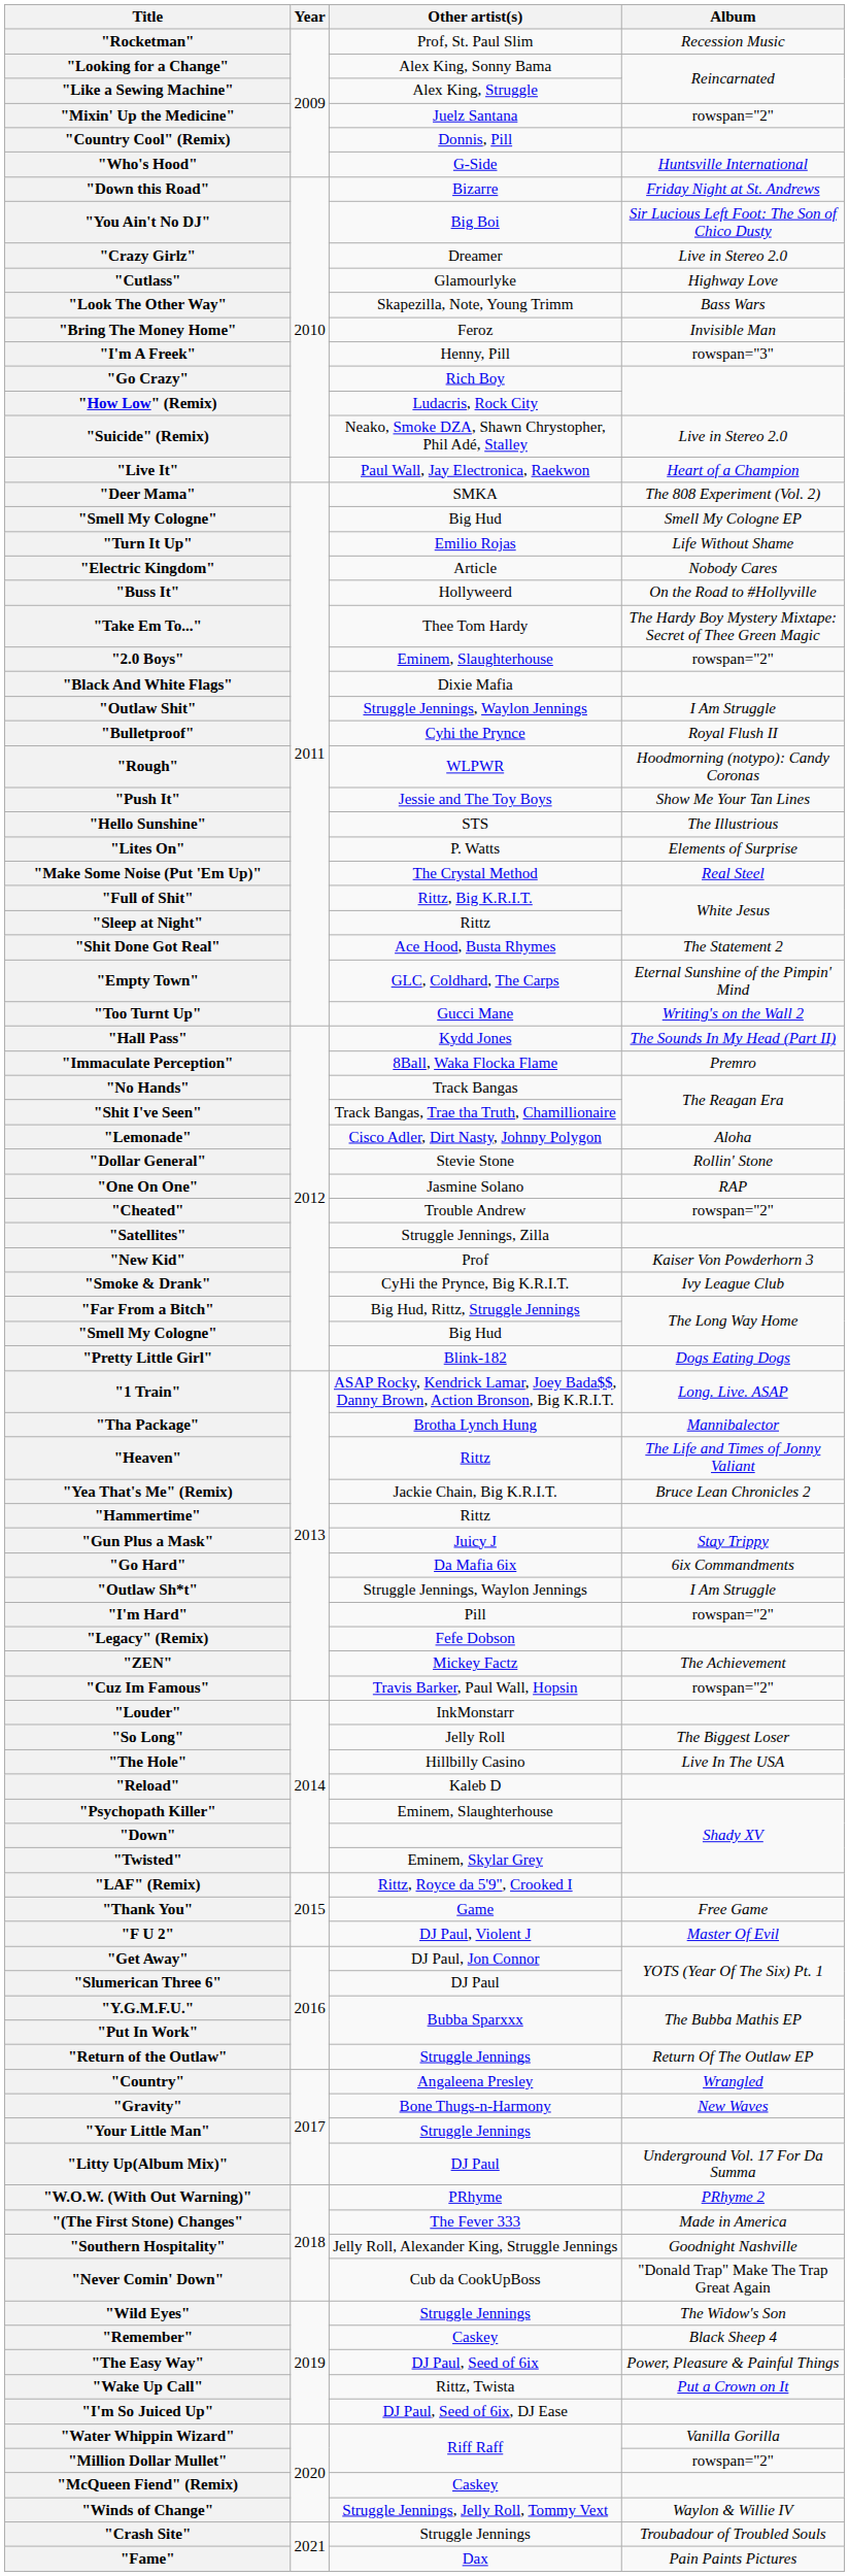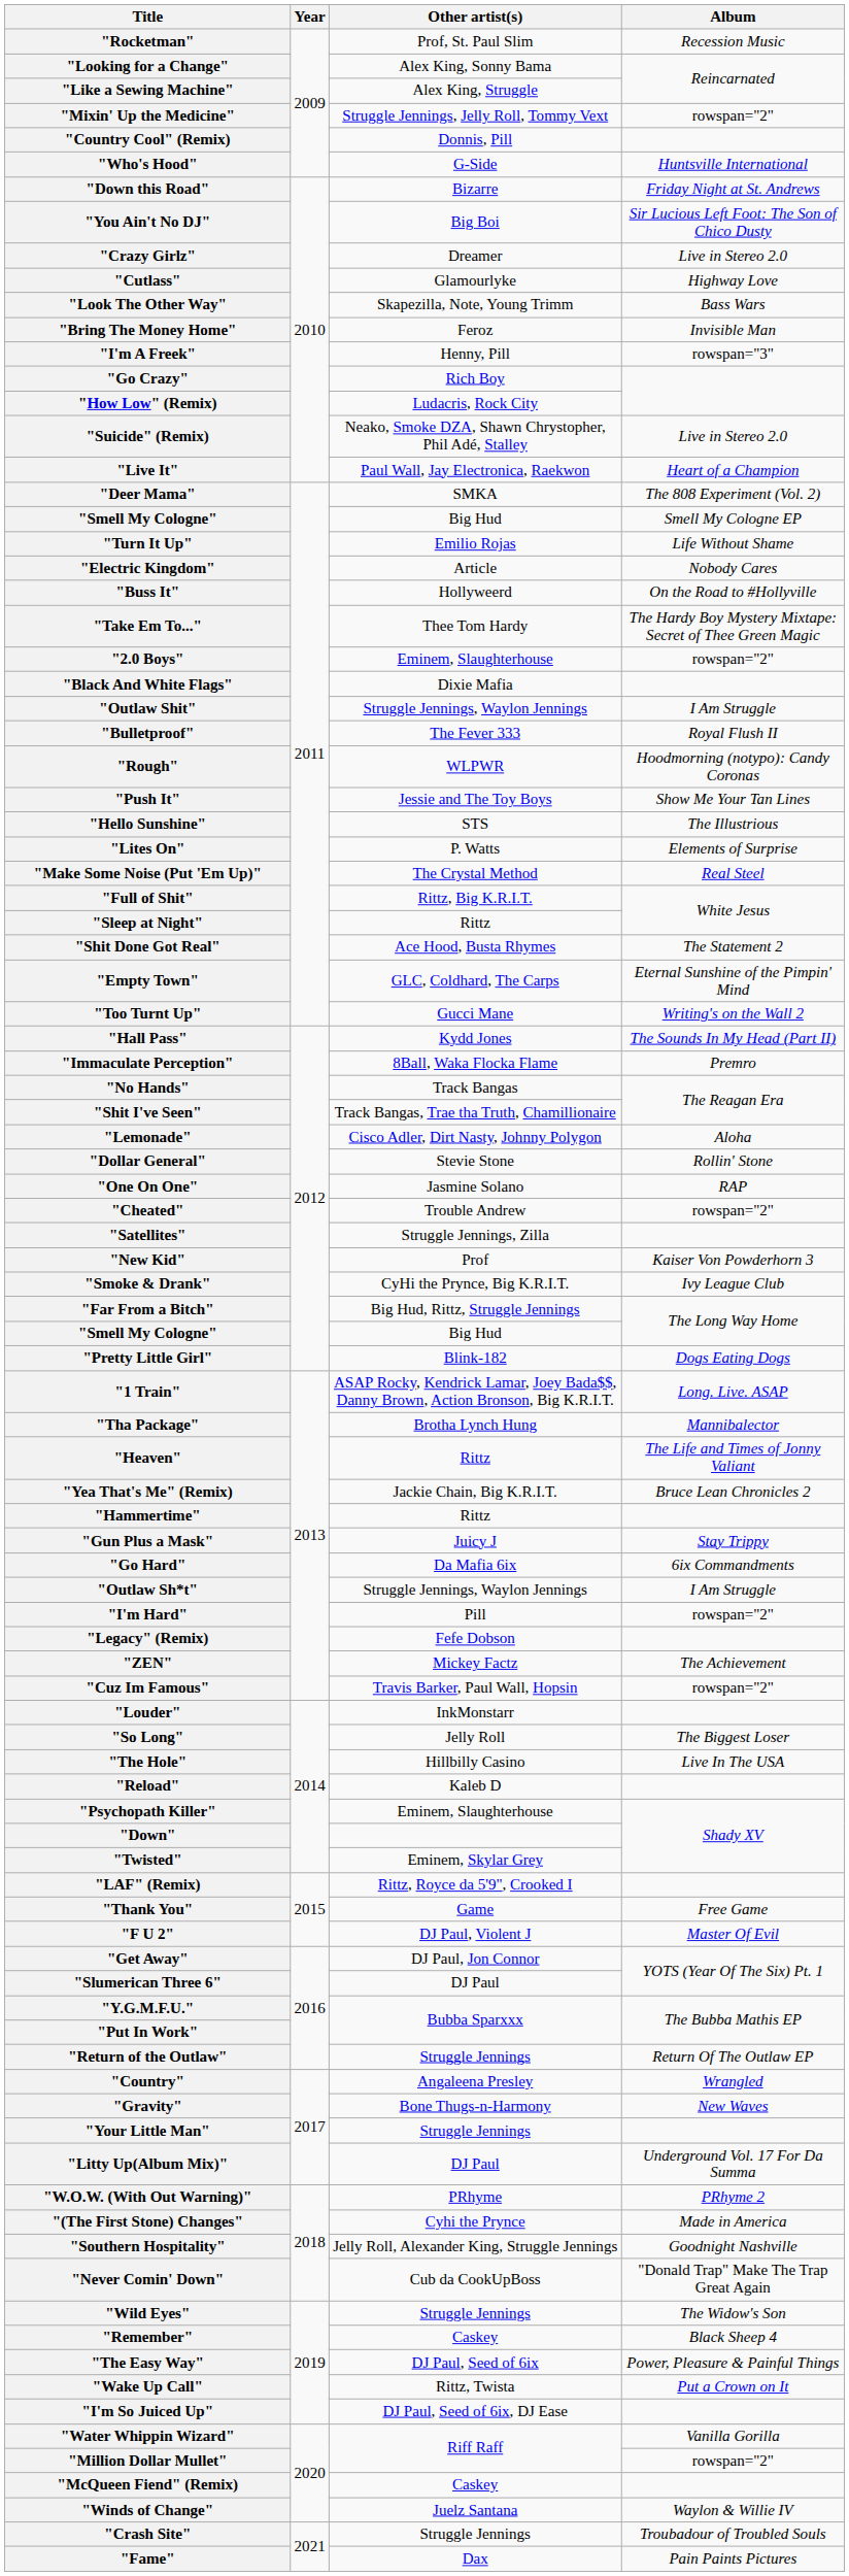 <table class="wikitable plainrowheaders" style="text-align:center;">
 <tr>
 <th scope="col" style="width:18em;">Title</th>
 <th scope="col">Year</th>
 <th scope="col">Other artist(s)</th>
 <th scope="col">Album</th>
 </tr>
 <tr>
 <th scope="row">"Rocketman"</th>
 <td rowspan="6">2009</td>
 <td>Prof, St. Paul Slim</td>
 <td><em>Recession Music</em></td>
 </tr>
 <tr>
 <th scope="row">"Looking for a Change"</th>
 <td>Alex King, Sonny Bama</td>
 <td rowspan="2"><em>Reincarnated</em></td>
 </tr>
 <tr>
 <th scope="row">"Like a Sewing Machine"</th>
 <td>Alex King, <a href='#'>Struggle</a></td>
 </tr>
 <tr>
 <th scope="row">"Mixin' Up the Medicine"</th>
-<td><a href='#'>Juelz Santana</a></td>
+<td><a href='#'>Struggle Jennings</a>, <a href='#'>Jelly Roll</a>, <a href='#'>Tommy Vext</a></td>
 <td>rowspan="2" </td>
 </tr>
 <tr>
 <th scope="row">"Country Cool" (Remix)</th>
 <td><a href='#'>Donnis</a>, <a href='#'>Pill</a></td>
 </tr>
 <tr>
 <th scope="row">"Who's Hood"</th>
 <td><a href='#'>G-Side</a></td>
 <td><em><a href='#'>Huntsville International</a></em></td>
 </tr>
 <tr>
 <th scope="row">"Down this Road"</th>
 <td rowspan="11">2010</td>
 <td><a href='#'>Bizarre</a></td>
 <td><em><a href='#'>Friday Night at St. Andrews</a></em></td>
 </tr>
 <tr>
 <th scope="row">"You Ain't No DJ"</th>
 <td><a href='#'>Big Boi</a></td>
 <td><em><a href='#'>Sir Lucious Left Foot: The Son of Chico Dusty</a></em></td>
 </tr>
 <tr>
 <th scope="row">"Crazy Girlz"</th>
 <td>Dreamer</td>
 <td><em>Live in Stereo 2.0</em></td>
 </tr>
 <tr>
 <th scope="row">"Cutlass"</th>
 <td>Glamourlyke</td>
 <td><em>Highway Love</em></td>
 </tr>
 <tr>
 <th scope="row">"Look The Other Way"</th>
 <td>Skapezilla, Note, Young Trimm</td>
 <td><em>Bass Wars</em></td>
 </tr>
 <tr>
 <th scope="row">"Bring The Money Home"</th>
 <td>Feroz</td>
 <td><em>Invisible Man</em></td>
 </tr>
 <tr>
 <th scope="row">"I'm A Freek"</th>
 <td>Henny, Pill</td>
 <td>rowspan="3" </td>
 </tr>
 <tr>
 <th scope="row">"Go Crazy"</th>
 <td><a href='#'>Rich Boy</a></td>
 </tr>
 <tr>
 <th scope="row">"<a href='#'>How Low</a>" (Remix)</th>
 <td><a href='#'>Ludacris</a>, <a href='#'>Rock City</a></td>
 </tr>
 <tr>
 <th scope="row">"Suicide" (Remix)</th>
 <td>Neako, <a href='#'>Smoke DZA</a>, Shawn Chrystopher, Phil Adé, <a href='#'>Stalley</a></td>
 <td><em>Live in Stereo 2.0</em></td>
 </tr>
 <tr>
 <th scope="row">"Live It"</th>
 <td><a href='#'>Paul Wall</a>, <a href='#'>Jay Electronica</a>, <a href='#'>Raekwon</a></td>
 <td><em><a href='#'>Heart of a Champion</a></em></td>
 </tr>
 <tr>
 <th scope="row">"Deer Mama"</th>
 <td rowspan="20">2011</td>
 <td>SMKA</td>
 <td><em>The 808 Experiment (Vol. 2)</em></td>
 </tr>
 <tr>
 <th scope="row">"Smell My Cologne"</th>
 <td>Big Hud</td>
 <td><em>Smell My Cologne EP</em></td>
 </tr>
 <tr>
 <th scope="row">"Turn It Up"</th>
 <td><a href='#'>Emilio Rojas</a></td>
 <td><em>Life Without Shame</em></td>
 </tr>
 <tr>
 <th scope="row">"Electric Kingdom"</th>
 <td>Article</td>
 <td><em>Nobody Cares</em></td>
 </tr>
 <tr>
 <th scope="row">"Buss It"</th>
 <td>Hollyweerd</td>
 <td><em>On the Road to #Hollyville</em></td>
 </tr>
 <tr>
 <th scope="row">"Take Em To..."</th>
 <td>Thee Tom Hardy</td>
 <td><em>The Hardy Boy Mystery Mixtape: Secret of Thee Green Magic</em></td>
 </tr>
 <tr>
 <th scope="row">"2.0 Boys"</th>
 <td><a href='#'>Eminem</a>, <a href='#'>Slaughterhouse</a></td>
 <td>rowspan="2" </td>
 </tr>
 <tr>
 <th scope="row">"Black And White Flags"</th>
 <td>Dixie Mafia</td>
 </tr>
 <tr>
 <th scope="row">"Outlaw Shit"</th>
 <td><a href='#'>Struggle Jennings</a>, <a href='#'>Waylon Jennings</a></td>
 <td><em>I Am Struggle</em></td>
 </tr>
 <tr>
 <th scope="row">"Bulletproof"</th>
-<td><a href='#'>Cyhi the Prynce</a></td>
+<td><a href='#'>The Fever 333</a></td>
 <td><em>Royal Flush II</em></td>
 </tr>
 <tr>
 <th scope="row">"Rough"</th>
 <td><a href='#'>WLPWR</a></td>
 <td><em>Hoodmorning (notypo): Candy Coronas</em></td>
 </tr>
 <tr>
 <th scope="row">"Push It"</th>
 <td><a href='#'>Jessie and The Toy Boys</a></td>
 <td><em>Show Me Your Tan Lines</em></td>
 </tr>
 <tr>
 <th scope="row">"Hello Sunshine"</th>
 <td>STS</td>
 <td><em>The Illustrious</em></td>
 </tr>
 <tr>
 <th scope="row">"Lites On"</th>
 <td>P. Watts</td>
 <td><em>Elements of Surprise</em></td>
 </tr>
 <tr>
 <th scope="row">"Make Some Noise (Put 'Em Up)"</th>
 <td><a href='#'>The Crystal Method</a></td>
 <td><em><a href='#'>Real Steel</a></em></td>
 </tr>
 <tr>
 <th scope="row">"Full of Shit"</th>
 <td><a href='#'>Rittz</a>, <a href='#'>Big K.R.I.T.</a></td>
 <td rowspan="2"><em>White Jesus</em></td>
 </tr>
 <tr>
 <th scope="row">"Sleep at Night"</th>
 <td>Rittz</td>
 </tr>
 <tr>
 <th scope="row">"Shit Done Got Real"</th>
 <td><a href='#'>Ace Hood</a>, <a href='#'>Busta Rhymes</a></td>
 <td><em>The Statement 2</em></td>
 </tr>
 <tr>
 <th scope="row">"Empty Town"</th>
 <td><a href='#'>GLC</a>, <a href='#'>Coldhard</a>, <a href='#'>The Carps</a></td>
 <td><em>Eternal Sunshine of the Pimpin' Mind</em></td>
 </tr>
 <tr>
 <th scope="row">"Too Turnt Up"</th>
 <td><a href='#'>Gucci Mane</a></td>
 <td><em><a href='#'>Writing's on the Wall 2</a></em></td>
 </tr>
 <tr>
 <th scope="row">"Hall Pass"</th>
 <td rowspan="14">2012</td>
 <td><a href='#'>Kydd Jones</a></td>
 <td><em><a href='#'>The Sounds In My Head (Part II)</a></em></td>
 </tr>
 <tr>
 <th scope="row">"Immaculate Perception"</th>
 <td><a href='#'>8Ball</a>, <a href='#'>Waka Flocka Flame</a></td>
 <td><em>Premro</em></td>
 </tr>
 <tr>
 <th scope="row">"No Hands"</th>
 <td>Track Bangas</td>
 <td rowspan="2"><em>The Reagan Era</em></td>
 </tr>
 <tr>
 <th scope="row">"Shit I've Seen"</th>
 <td>Track Bangas, <a href='#'>Trae tha Truth</a>, <a href='#'>Chamillionaire</a></td>
 </tr>
 <tr>
 <th scope="row">"Lemonade"</th>
 <td><a href='#'>Cisco Adler</a>, <a href='#'>Dirt Nasty</a>, <a href='#'>Johnny Polygon</a></td>
 <td><em>Aloha</em></td>
 </tr>
 <tr>
 <th scope="row">"Dollar General"</th>
 <td>Stevie Stone</td>
 <td><em>Rollin' Stone</em></td>
 </tr>
 <tr>
 <th scope="row">"One On One"</th>
 <td>Jasmine Solano</td>
 <td><em>RAP</em></td>
 </tr>
 <tr>
 <th scope="row">"Cheated"</th>
 <td>Trouble Andrew</td>
 <td>rowspan="2" </td>
 </tr>
 <tr>
 <th scope="row">"Satellites"</th>
 <td>Struggle Jennings, Zilla</td>
 </tr>
 <tr>
 <th scope="row">"New Kid"</th>
 <td>Prof</td>
 <td><em>Kaiser Von Powderhorn 3</em></td>
 </tr>
 <tr>
 <th scope="row">"Smoke & Drank"</th>
 <td>CyHi the Prynce, Big K.R.I.T.</td>
 <td><em>Ivy League Club</em></td>
 </tr>
 <tr>
 <th scope="row">"Far From a Bitch"</th>
 <td>Big Hud, Rittz, <a href='#'>Struggle Jennings</a></td>
 <td rowspan="2"><em>The Long Way Home</em></td>
 </tr>
 <tr>
 <th scope="row">"Smell My Cologne"</th>
 <td>Big Hud</td>
 </tr>
 <tr>
 <th scope="row">"Pretty Little Girl"</th>
 <td><a href='#'>Blink-182</a></td>
 <td><em><a href='#'>Dogs Eating Dogs</a></em></td>
 </tr>
 <tr>
 <th scope="row">"1 Train"</th>
 <td rowspan="12">2013</td>
 <td><a href='#'>ASAP Rocky</a>, <a href='#'>Kendrick Lamar</a>, <a href='#'>Joey Bada$$</a>, <a href='#'>Danny Brown</a>, <a href='#'>Action Bronson</a>, Big K.R.I.T.</td>
 <td><em><a href='#'>Long. Live. ASAP</a></em></td>
 </tr>
 <tr>
 <th scope="row">"Tha Package"</th>
 <td><a href='#'>Brotha Lynch Hung</a></td>
 <td><em><a href='#'>Mannibalector</a></em></td>
 </tr>
 <tr>
 <th scope="row">"Heaven"</th>
 <td><a href='#'>Rittz</a></td>
 <td><em><a href='#'>The Life and Times of Jonny Valiant</a></em></td>
 </tr>
 <tr>
 <th scope="row">"Yea That's Me" (Remix)</th>
 <td>Jackie Chain, Big K.R.I.T.</td>
 <td><em>Bruce Lean Chronicles 2</em></td>
 </tr>
 <tr>
 <th scope="row">"Hammertime"</th>
 <td>Rittz</td>
 <td></td>
 </tr>
 <tr>
 <th scope="row">"Gun Plus a Mask"</th>
 <td><a href='#'>Juicy J</a></td>
 <td><em><a href='#'>Stay Trippy</a></em></td>
 </tr>
 <tr>
 <th scope="row">"Go Hard"</th>
 <td><a href='#'>Da Mafia 6ix</a></td>
 <td><em>6ix Commandments</em></td>
 </tr>
 <tr>
 <th scope="row">"Outlaw Sh*t"</th>
 <td>Struggle Jennings, Waylon Jennings</td>
 <td><em>I Am Struggle</em></td>
 </tr>
 <tr>
 <th scope="row">"I'm Hard"</th>
 <td>Pill</td>
 <td>rowspan="2" </td>
 </tr>
 <tr>
 <th scope="row">"Legacy" (Remix)</th>
 <td><a href='#'>Fefe Dobson</a></td>
 </tr>
 <tr>
 <th scope="row">"ZEN"</th>
 <td><a href='#'>Mickey Factz</a></td>
 <td><em>The Achievement</em></td>
 </tr>
 <tr>
 <th scope="row">"Cuz Im Famous"</th>
 <td><a href='#'>Travis Barker</a>, Paul Wall, <a href='#'>Hopsin</a></td>
 <td>rowspan="2" </td>
 </tr>
 <tr>
 <th scope="row">"Louder"</th>
 <td rowspan="7">2014</td>
 <td>InkMonstarr</td>
 </tr>
 <tr>
 <th scope="row">"So Long"</th>
 <td>Jelly Roll</td>
 <td><em>The Biggest Loser</em></td>
 </tr>
 <tr>
 <th scope="row">"The Hole"</th>
 <td>Hillbilly Casino</td>
 <td><em>Live In The USA</em></td>
 </tr>
 <tr>
 <th scope="row">"Reload"</th>
 <td>Kaleb D</td>
 <td></td>
 </tr>
 <tr>
 <th scope="row">"Psychopath Killer"</th>
 <td>Eminem, Slaughterhouse</td>
 <td rowspan="3"><em><a href='#'>Shady XV</a></em></td>
 </tr>
 <tr>
 <th scope="row">"Down"</th>
 <td></td>
 </tr>
 <tr>
 <th scope="row">"Twisted"</th>
 <td>Eminem, <a href='#'>Skylar Grey</a></td>
 </tr>
 <tr>
 <th scope="row">"LAF" (Remix)</th>
 <td rowspan="3">2015</td>
 <td><a href='#'>Rittz</a>, <a href='#'>Royce da 5'9"</a>, <a href='#'>Crooked I</a></td>
 <td></td>
 </tr>
 <tr>
 <th scope="row">"Thank You"</th>
 <td><a href='#'>Game</a></td>
 <td><em>Free Game</em></td>
 </tr>
 <tr>
 <th scope="row">"F U 2"</th>
 <td><a href='#'>DJ Paul</a>, <a href='#'>Violent J</a></td>
 <td><em><a href='#'>Master Of Evil</a></em></td>
 </tr>
 <tr>
 <th scope="row">"Get Away"</th>
 <td rowspan="5">2016</td>
 <td>DJ Paul, <a href='#'>Jon Connor</a></td>
 <td rowspan="2"><em>YOTS (Year Of The Six) Pt. 1</em></td>
 </tr>
 <tr>
 <th scope="row">"Slumerican Three 6"</th>
 <td>DJ Paul</td>
 </tr>
 <tr>
 <th scope="row">"Y.G.M.F.U."</th>
 <td rowspan="2"><a href='#'>Bubba Sparxxx</a></td>
 <td rowspan="2"><em>The Bubba Mathis EP</em></td>
 </tr>
 <tr>
 <th scope="row">"Put In Work"</th>
 </tr>
 <tr>
 <th scope="row">"Return of the Outlaw"</th>
 <td><a href='#'>Struggle Jennings</a></td>
 <td><em>Return Of The Outlaw EP</em></td>
 </tr>
 <tr>
 <th scope="row">"Country"</th>
 <td rowspan="4">2017</td>
 <td><a href='#'>Angaleena Presley</a></td>
 <td><em><a href='#'>Wrangled</a></em></td>
 </tr>
 <tr>
 <th scope="row">"Gravity"</th>
 <td><a href='#'>Bone Thugs-n-Harmony</a></td>
 <td><em><a href='#'>New Waves</a></em></td>
 </tr>
 <tr>
 <th scope="row">"Your Little Man"</th>
 <td><a href='#'>Struggle Jennings</a></td>
 <td></td>
 </tr>
 <tr>
 <th scope="row">"Litty Up(Album Mix)"</th>
 <td><a href='#'>DJ Paul</a></td>
 <td><em>Underground Vol. 17 For Da Summa</em></td>
 </tr>
 <tr>
 <th scope="row">"W.O.W. (With Out Warning)"</th>
 <td rowspan="4">2018</td>
 <td><a href='#'>PRhyme</a></td>
 <td><em><a href='#'>PRhyme 2</a></em></td>
 </tr>
 <tr>
 <th scope="row">"(The First Stone) Changes"</th>
-<td><a href='#'>The Fever 333</a></td>
+<td><a href='#'>Cyhi the Prynce</a></td>
 <td><em>Made in America</em></td>
 </tr>
 <tr>
 <th scope="row">"Southern Hospitality"</th>
 <td>Jelly Roll, Alexander King, Struggle Jennings</td>
 <td><em>Goodnight Nashville</em></td>
 </tr>
 <tr>
 <th scope="row">"Never Comin' Down"</th>
 <td>Cub da CookUpBoss</td>
 <td>"Donald Trap" Make The Trap Great Again</td>
 </tr>
 <tr>
 <th scope="row">"Wild Eyes"</th>
 <td rowspan="5">2019</td>
 <td><a href='#'>Struggle Jennings</a></td>
 <td><em>The Widow's Son</em></td>
 </tr>
 <tr>
 <th scope="row">"Remember"</th>
 <td><a href='#'>Caskey</a></td>
 <td><em>Black Sheep 4</em></td>
 </tr>
 <tr>
 <th scope="row">"The Easy Way"</th>
 <td><a href='#'>DJ Paul</a>, <a href='#'>Seed of 6ix</a></td>
 <td><em>Power, Pleasure & Painful Things</em></td>
 </tr>
 <tr>
 <th scope="row">"Wake Up Call"</th>
 <td>Rittz, Twista</td>
 <td><em><a href='#'>Put a Crown on It</a></em></td>
 </tr>
 <tr>
 <th scope="row">"I'm So Juiced Up"</th>
 <td><a href='#'>DJ Paul</a>, <a href='#'>Seed of 6ix</a>, DJ Ease</td>
 <td><em></em></td>
 </tr>
 <tr>
 <th scope="row">"Water Whippin Wizard"</th>
 <td rowspan="4">2020</td>
 <td rowspan="2"><a href='#'>Riff Raff</a></td>
 <td><em>Vanilla Gorilla</em></td>
 </tr>
 <tr>
 <th scope="row">"Million Dollar Mullet"</th>
 <td>rowspan="2" <em></em></td>
 </tr>
 <tr>
 <th scope="row">"McQueen Fiend" (Remix)</th>
 <td><a href='#'>Caskey</a></td>
 </tr>
 <tr>
 <th scope="row">"Winds of Change"</th>
-<td><a href='#'>Struggle Jennings</a>, <a href='#'>Jelly Roll</a>, <a href='#'>Tommy Vext</a></td>
+<td><a href='#'>Juelz Santana</a></td>
 <td><em>Waylon & Willie IV</em></td>
 </tr>
 <tr>
 <th scope="row">"Crash Site"</th>
 <td rowspan="2">2021</td>
 <td>Struggle Jennings</td>
 <td><em>Troubadour of Troubled Souls</em></td>
 </tr>
 <tr>
 <th scope="row">"Fame"</th>
 <td><a href='#'>Dax</a></td>
 <td><em>Pain Paints Pictures</em></td>
 </tr>
 </table>
